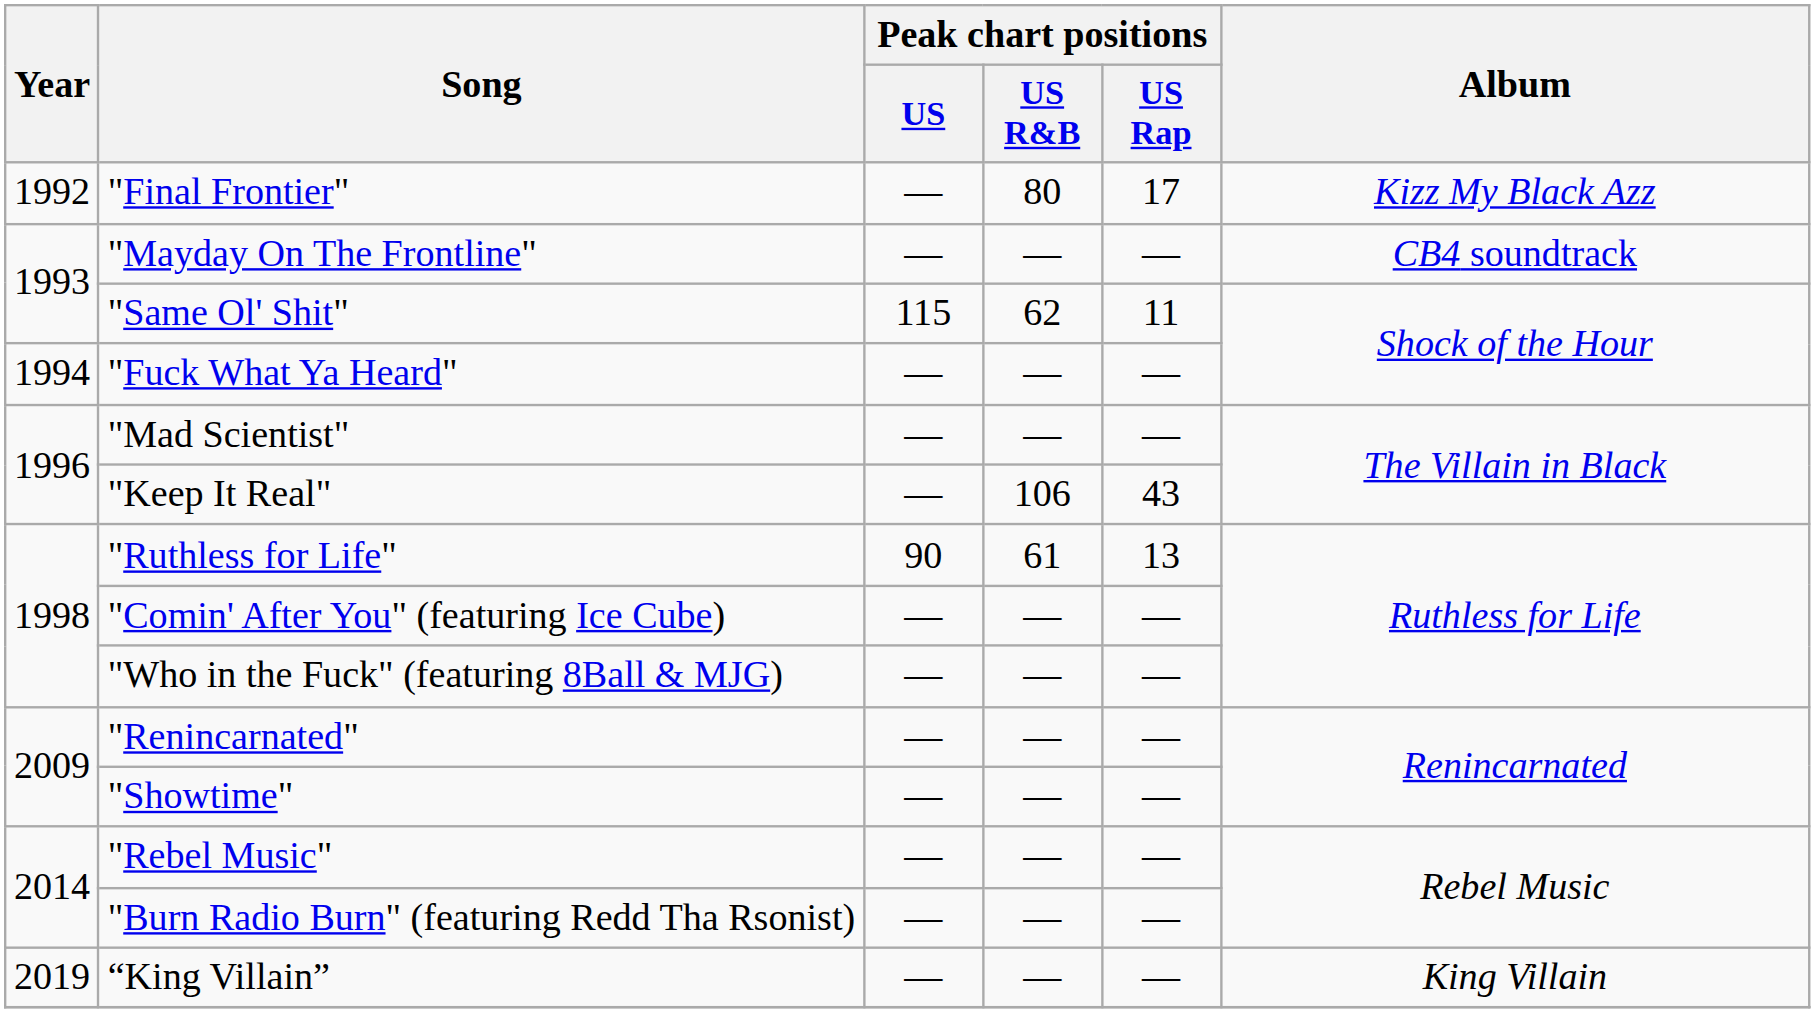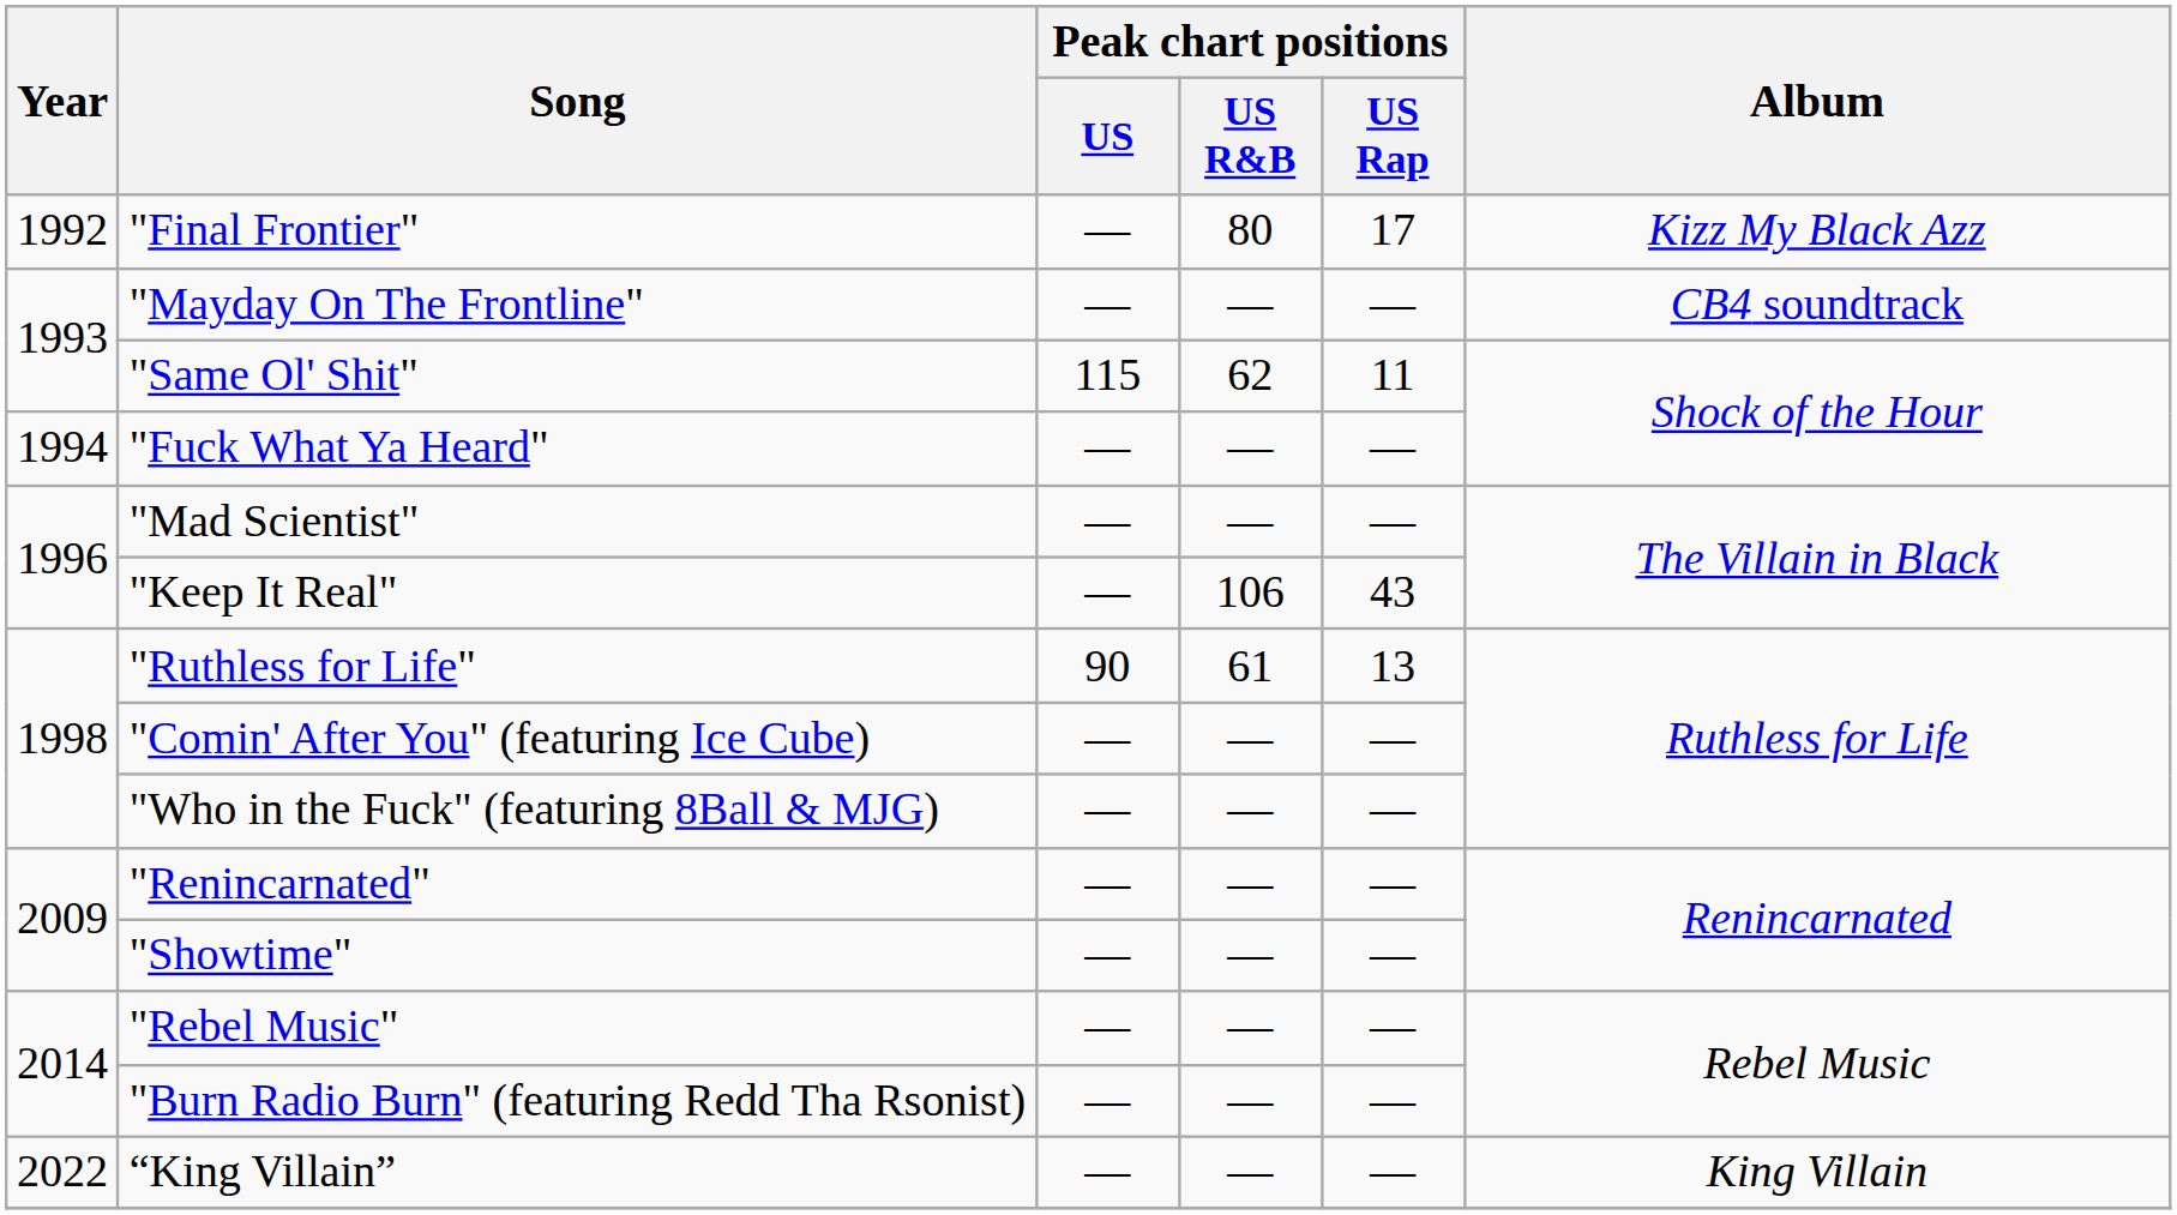 <table class="wikitable">
 <tr>
 <th rowspan="2">Year</th>
 <th rowspan="2">Song</th>
 <th colspan="3">Peak chart positions</th>
 <th rowspan="2" style="width:15em;">Album</th>
 </tr>
 <tr>
 <th style="width:3em;font-size:90%"><a href='#'>US</a><br></th>
 <th style="width:3em;font-size:90%"><a href='#'>US R&B</a><br></th>
 <th style="width:3em;font-size:90%"><a href='#'>US Rap</a><br></th>
 </tr>
 <tr>
 <td align="center" rowspan="1">1992</td>
 <td align="left" valign="top">"<a href='#'>Final Frontier</a>"</td>
 <td align="center">—</td>
 <td align="center">80</td>
 <td align="center">17</td>
 <td align="center" rowspan="1"><em><a href='#'>Kizz My Black Azz</a></em></td>
 </tr>
 <tr>
 <td align="center" rowspan="2">1993</td>
 <td align="left" valign="top">"<a href='#'>Mayday On The Frontline</a>"</td>
 <td align="center">—</td>
 <td align="center">—</td>
 <td align="center">—</td>
 <td align="center" rowspan="1"><a href='#'><em>CB4</em> soundtrack</a></td>
 </tr>
 <tr>
 <td align="left" valign="top">"<a href='#'>Same Ol' Shit</a>"</td>
 <td align="center">115</td>
 <td align="center">62</td>
 <td align="center">11</td>
 <td align="center" rowspan="2"><em><a href='#'>Shock of the Hour</a></em></td>
 </tr>
 <tr>
 <td align="center" rowspan="1">1994</td>
 <td align="left" valign="top">"<a href='#'>Fuck What Ya Heard</a>"</td>
 <td align="center">—</td>
 <td align="center">—</td>
 <td align="center">—</td>
 </tr>
 <tr>
 <td align="center" rowspan="2">1996</td>
 <td align="left" valign="top">"Mad Scientist"</td>
 <td align="center">—</td>
 <td align="center">—</td>
 <td align="center">—</td>
 <td align="center" rowspan="2"><em><a href='#'>The Villain in Black</a></em></td>
 </tr>
 <tr>
 <td align="left" valign="top">"Keep It Real"</td>
 <td align="center">—</td>
 <td align="center">106</td>
 <td align="center">43</td>
 </tr>
 <tr>
 <td align="center" rowspan="3">1998</td>
 <td align="left" valign="top">"<a href='#'>Ruthless for Life</a>"</td>
 <td align="center">90</td>
 <td align="center">61</td>
 <td align="center">13</td>
 <td align="center" rowspan="3"><em><a href='#'>Ruthless for Life</a></em></td>
 </tr>
 <tr>
 <td align="left" valign="top">"<a href='#'>Comin' After You</a>" <span>(featuring <a href='#'>Ice Cube</a>)</span></td>
 <td align="center">—</td>
 <td align="center">—</td>
 <td align="center">—</td>
 </tr>
 <tr>
 <td align="left" valign="top">"Who in the Fuck" <span>(featuring <a href='#'>8Ball & MJG</a>)</span></td>
 <td align="center">—</td>
 <td align="center">—</td>
 <td align="center">—</td>
 </tr>
 <tr>
 <td align="center" rowspan="2">2009</td>
 <td align="left" valign="top">"<a href='#'>Renincarnated</a>"</td>
 <td align="center">—</td>
 <td align="center">—</td>
 <td align="center">—</td>
 <td align="center" rowspan="2"><em><a href='#'>Renincarnated</a></em></td>
 </tr>
 <tr>
 <td align="left" valign="top">"<a href='#'>Showtime</a>"</td>
 <td align="center">—</td>
 <td align="center">—</td>
 <td align="center">—</td>
 </tr>
 <tr>
 <td align="center" rowspan="2">2014</td>
 <td align="left" valign="top">"<a href='#'>Rebel Music</a>"</td>
 <td align="center">—</td>
 <td align="center">—</td>
 <td align="center">—</td>
 <td align="center" rowspan="2"><em>Rebel Music</em></td>
 </tr>
 <tr>
 <td align="left" valign="top">"<a href='#'>Burn Radio Burn</a>" <span>(featuring Redd Tha Rsonist)</span></td>
 <td align="center">—</td>
 <td align="center">—</td>
 <td align="center">—</td>
 </tr>
 <tr>
-<td>2019</td>
+<td>2022</td>
 <td>“King Villain”</td>
 <td align="center">—</td>
 <td align="center">—</td>
 <td align="center">—</td>
 <td align="center"><em>King Villain</em></td>
 </tr>
 <tr>
 </tr>
 </table>
